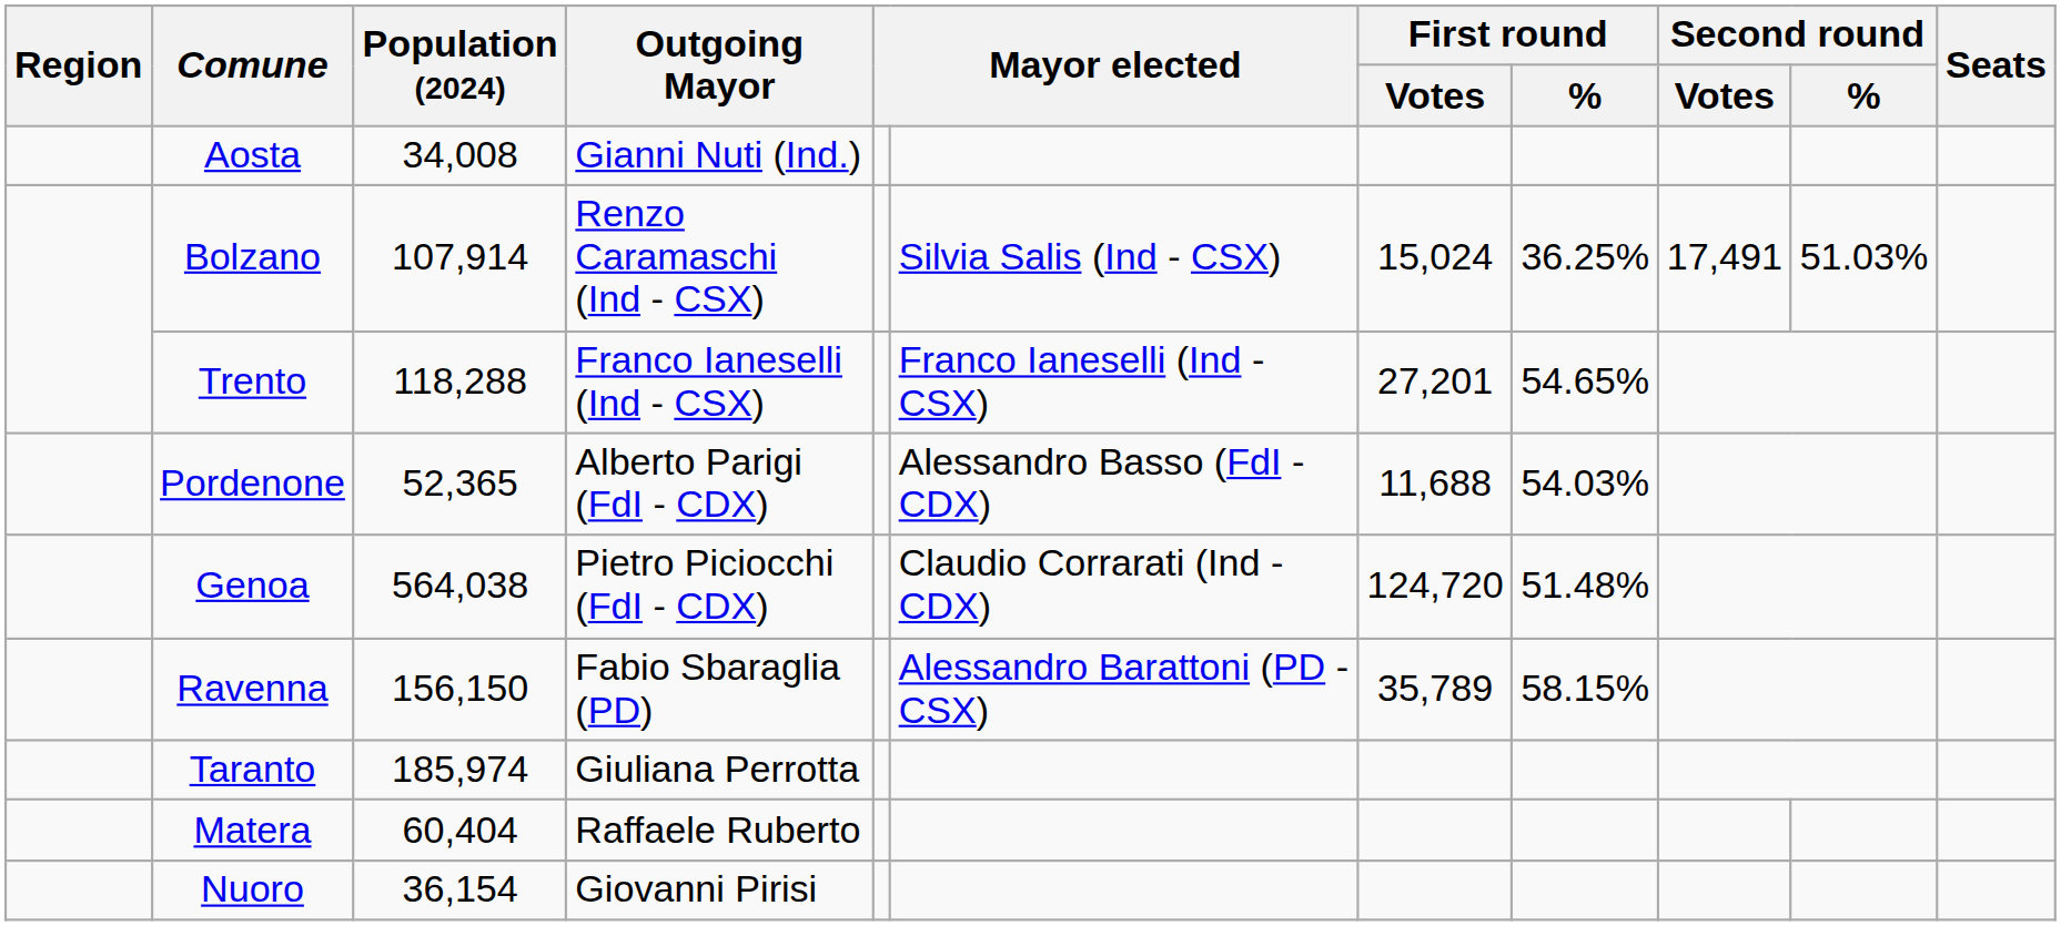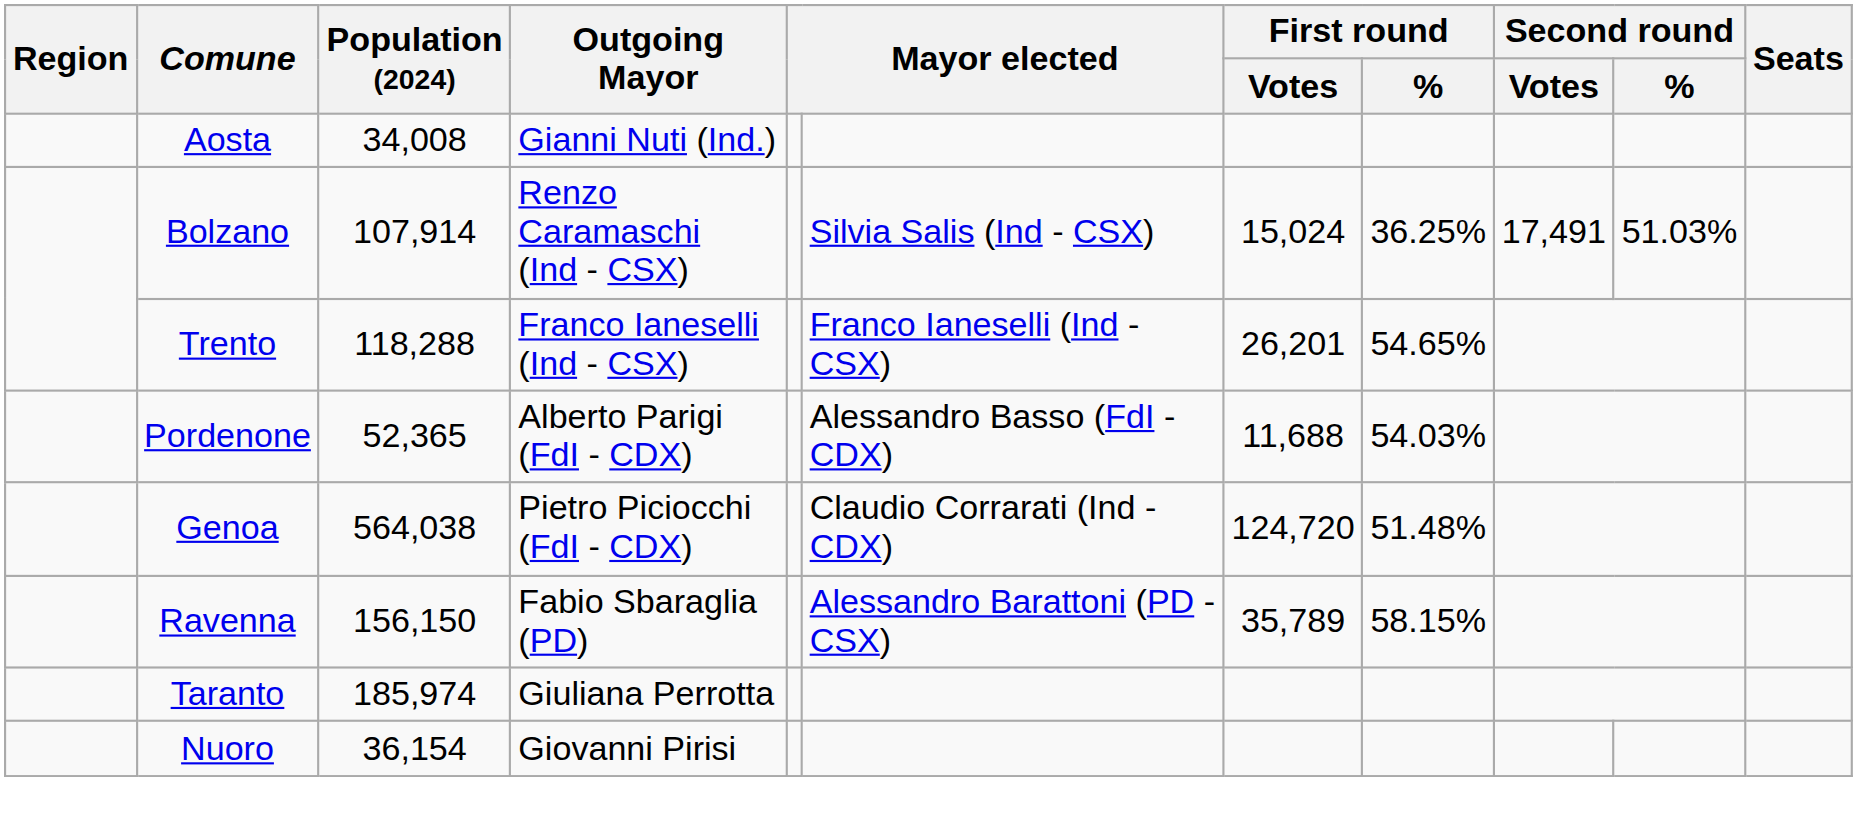 <table class="wikitable sortable" style="text-align:center;">
 <tr>
 <th rowspan="2">Region</th>
 <th rowspan="2"><em>Comune</em></th>
 <th rowspan="2">Population<br><small>(2024)</small></th>
 <th rowspan="2">Outgoing Mayor</th>
 <th colspan="2" rowspan="2">Mayor elected</th>
 <th colspan="2">First round</th>
 <th colspan="2">Second round</th>
 <th rowspan="2">Seats</th>
 </tr>
 <tr>
 <th>Votes</th>
 <th>%</th>
 <th>Votes</th>
 <th>%</th>
 </tr>
 <tr>
 <td></td>
 <td><a href='#'>Aosta</a></td>
 <td>34,008</td>
 <td align="left"><a href='#'>Gianni Nuti</a> (<a href='#'>Ind.</a>)</td>
 <td bgcolor=""></td>
 <td align="left"></td>
 <td></td>
 <td></td>
 <td></td>
 <td></td>
 <td></td>
 </tr>
 <tr>
 <td rowspan="2"></td>
 <td><a href='#'>Bolzano</a></td>
 <td>107,914</td>
 <td align="left"><a href='#'>Renzo Caramaschi</a><br>(<a href='#'>Ind</a> - <a href='#'>CSX</a>)</td>
 <td></td>
 <td align="left"><a href='#'>Silvia Salis</a> (<a href='#'>Ind</a> - <a href='#'>CSX</a>)</td>
 <td>15,024</td>
 <td>36.25%</td>
 <td>17,491</td>
 <td>51.03%</td>
 <td></td>
 </tr>
 <tr>
 <td><a href='#'>Trento</a></td>
 <td>118,288</td>
 <td align="left"><a href='#'>Franco Ianeselli</a><br>(<a href='#'>Ind</a> - <a href='#'>CSX</a>)</td>
 <td></td>
 <td align="left"><a href='#'>Franco Ianeselli</a> (<a href='#'>Ind</a> - <a href='#'>CSX</a>)</td>
-<td>27,201</td>
+<td>26,201</td>
 <td>54.65%</td>
 <td colspan="2"></td>
 <td></td>
 </tr>
 <tr>
 <td></td>
 <td><a href='#'>Pordenone</a></td>
 <td>52,365</td>
 <td align="left">Alberto Parigi<br>(<a href='#'>FdI</a> - <a href='#'>CDX</a>)</td>
 <td></td>
 <td align="left">Alessandro Basso (<a href='#'>FdI</a> - <a href='#'>CDX</a>)</td>
 <td>11,688</td>
 <td>54.03%</td>
 <td colspan="2"></td>
 <td></td>
 </tr>
 <tr>
 <td></td>
 <td><a href='#'>Genoa</a></td>
 <td>564,038</td>
 <td align="left">Pietro Piciocchi<br>(<a href='#'>FdI</a> - <a href='#'>CDX</a>)</td>
 <td></td>
 <td align="left">Claudio Corrarati (Ind - <a href='#'>CDX</a>)</td>
 <td>124,720</td>
 <td>51.48%</td>
 <td colspan="2"></td>
 <td></td>
 </tr>
 <tr>
 <td></td>
 <td><a href='#'>Ravenna</a></td>
 <td>156,150</td>
 <td align="left">Fabio Sbaraglia<br>(<a href='#'>PD</a>)</td>
 <td></td>
 <td align="left"><a href='#'>Alessandro Barattoni</a> (<a href='#'>PD</a> - <a href='#'>CSX</a>)</td>
 <td>35,789</td>
 <td>58.15%</td>
 <td colspan="2"></td>
 <td></td>
 </tr>
 <tr>
 <td></td>
 <td><a href='#'>Taranto</a></td>
 <td>185,974</td>
 <td align="left">Giuliana Perrotta</td>
 <td bgcolor=""></td>
 <td align="left"></td>
 <td></td>
 <td></td>
 <td colspan="2"></td>
 <td></td>
 </tr>
 <tr>
 <td></td>
-<td><a href='#'>Matera</a></td>
-<td>60,404</td>
-<td align="left">Raffaele Ruberto</td>
-<td bgcolor=""></td>
-<td align="left"></td>
-<td></td>
-<td></td>
-<td></td>
-<td></td>
-<td></td>
-</tr>
-<tr>
-<td></td>
 <td><a href='#'>Nuoro</a></td>
 <td>36,154</td>
 <td align="left">Giovanni Pirisi</td>
 <td bgcolor=""></td>
 <td align="left"></td>
 <td></td>
 <td></td>
 <td></td>
 <td></td>
 <td></td>
 </tr>
 </table>
